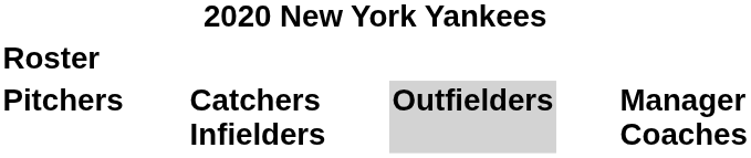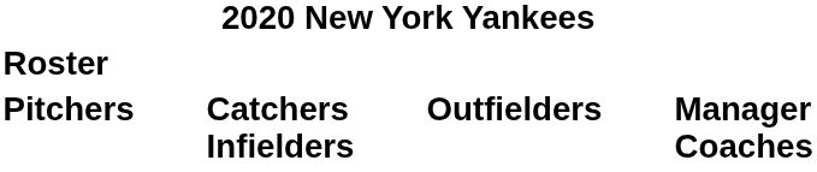 <table class="toccolours" style="font-size: 95%;">
 <tr>
 <th colspan="10">2020 New York Yankees</th>
 </tr>
 <tr>
 <td colspan="10"><strong>Roster</strong></td>
 </tr>
 <tr>
 <td valign="top"><strong>Pitchers</strong><br>                       </td>
 <td style="width:25px;"></td>
 <td valign="top"><strong>Catchers</strong><br>   <strong>Infielders</strong>        </td>
 <td style="width:25px;"></td>
-<td valign="top" style="background: lightgrey;"><strong>Outfielders</strong><br>       </td>
+<td valign="top"><strong>Outfielders</strong><br>       </td>
 <td style="width:25px;"></td>
 <td valign="top"><strong>Manager</strong><br> <strong>Coaches</strong>                   </td>
 </tr>
 </table>
